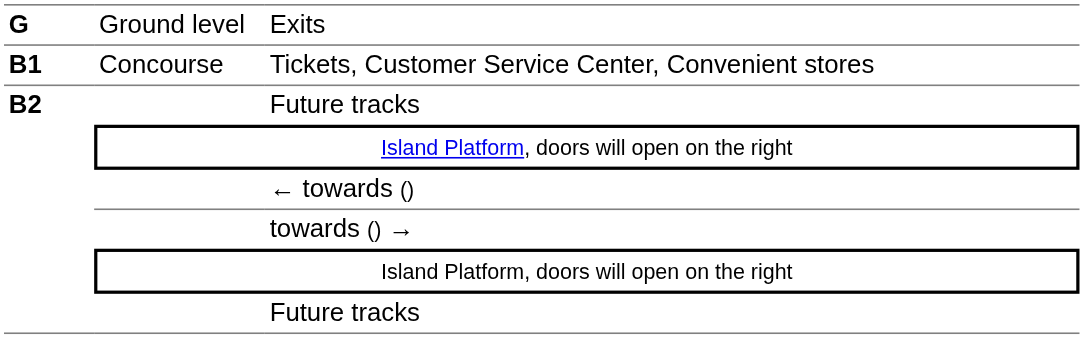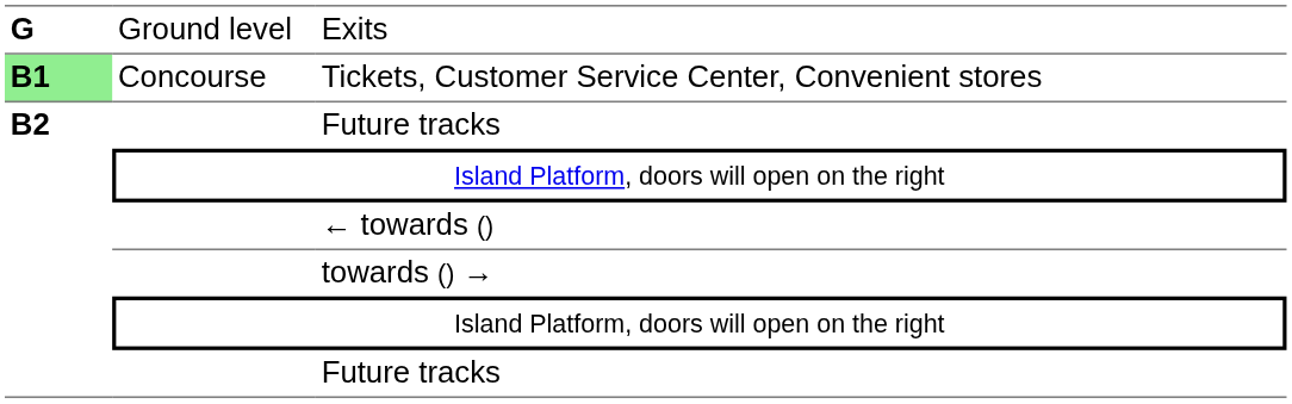 <table style="border-spacing:0;">
 <tr>
 <td style="border-bottom:solid 1px gray;border-top:solid 1px gray;width:50px;vertical-align:top;padding:3px;"><strong>G</strong></td>
 <td style="border-top:solid 1px gray;border-bottom:solid 1px gray;width:100px;vertical-align:top;padding:3px;">Ground level</td>
 <td style="border-top:solid 1px gray;border-bottom:solid 1px gray;width:500px;vertical-align:top;padding:3px;">Exits</td>
 </tr>
 <tr>
-<td style="border-bottom:solid 1px gray;vertical-align:top;padding:3px;"><strong>B1</strong></td>
+<td style="background: lightgreen; border-bottom:solid 1px gray;vertical-align:top;padding:3px;"><strong>B1</strong></td>
 <td style="border-bottom:solid 1px gray;vertical-align:top;padding:3px;">Concourse</td>
 <td style="border-bottom:solid 1px gray;padding:3px;">Tickets, Customer Service Center, Convenient stores</td>
 </tr>
 <tr>
 <td style="border-bottom:solid 1px gray;vertical-align:top;padding:3px;" rowspan=6><strong>B2</strong></td>
 <td style="padding:3px;"></td>
 <td style="padding:3px;"> Future  tracks</td>
 </tr>
 <tr>
 <td style="border-right:solid 2px black;border-left:solid 2px black;border-top:solid 2px black;border-bottom:solid 2px black;text-align:center;padding:3px;" colspan=3><small><a href='#'>Island Platform</a>, doors will open on the right</small></td>
 </tr>
 <tr>
 <td style="border-bottom:solid 1px gray;padding:3px;"></td>
 <td style="border-bottom:solid 1px gray;padding:3px;">←  towards  <small> ()</small> </td>
 </tr>
 <tr>
 <td></td>
 <td style="padding:3px;">  towards  <small> ()</small> →</td>
 </tr>
 <tr>
 <td style="border-right:solid 2px black;border-left:solid 2px black;border-top:solid 2px black;border-bottom:solid 2px black;text-align:center;padding:3px;" colspan=3><small>Island Platform, doors will open on the right</small></td>
 </tr>
 <tr>
 <td style="border-bottom:solid 1px gray;padding:3px;"></td>
 <td style="border-bottom:solid 1px gray;padding:3px;"> Future  tracks</td>
 </tr>
 </table>
